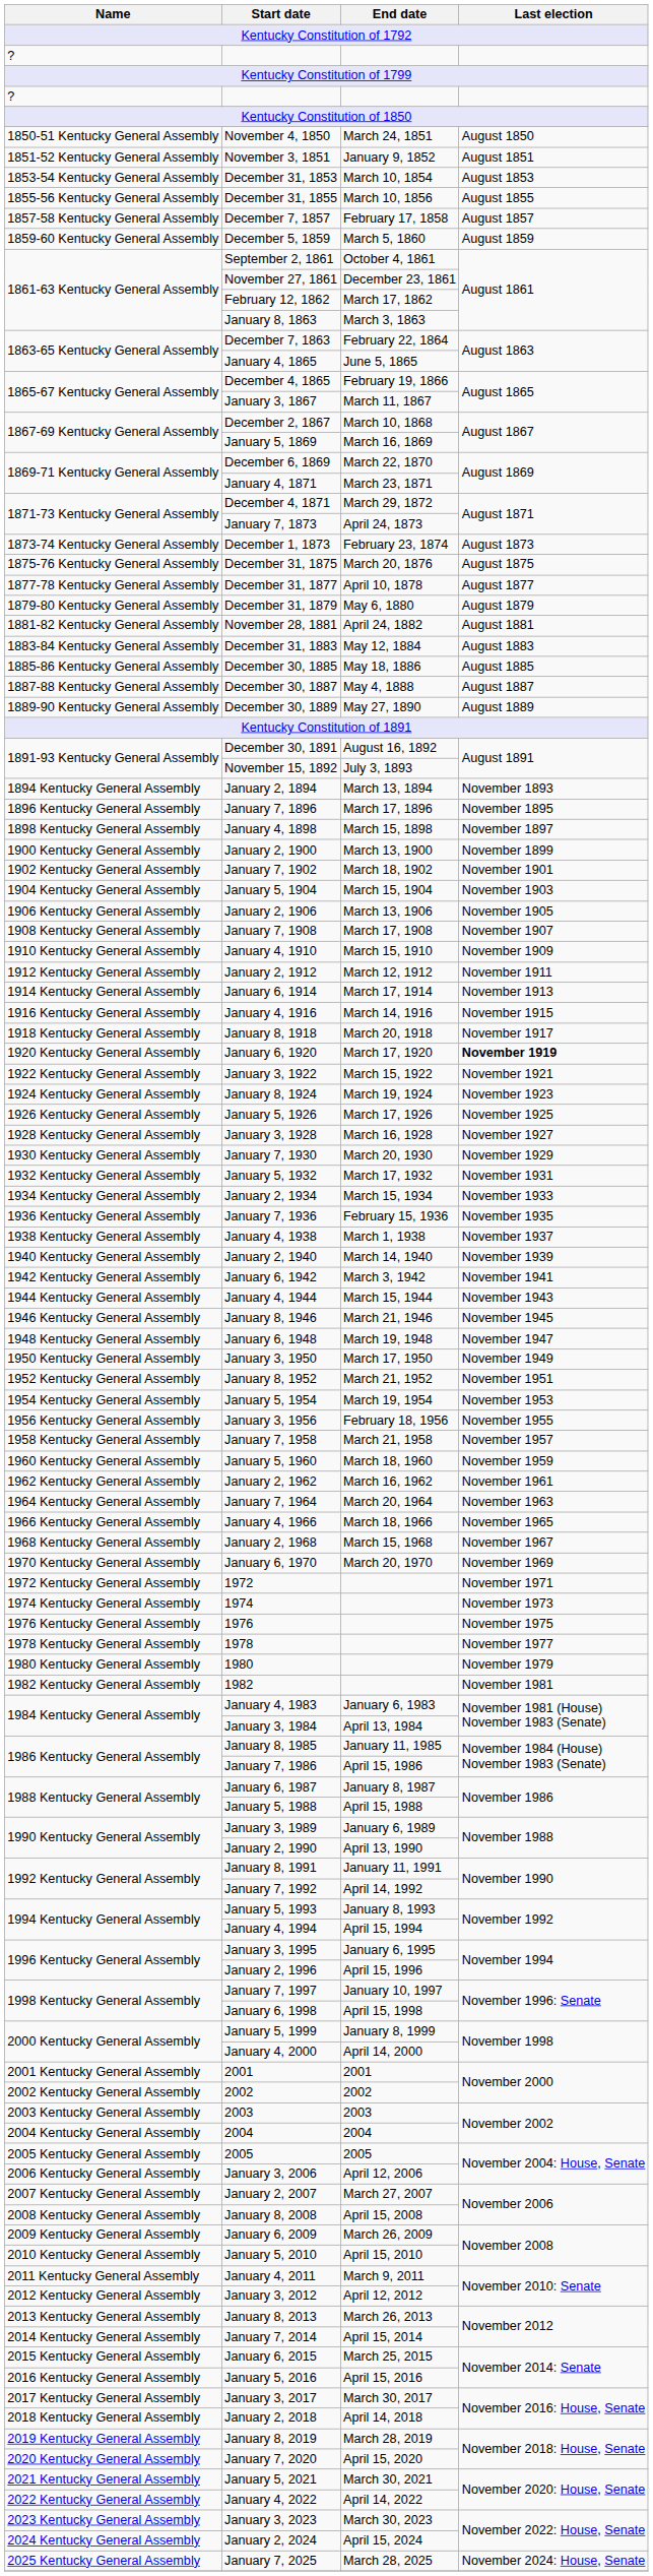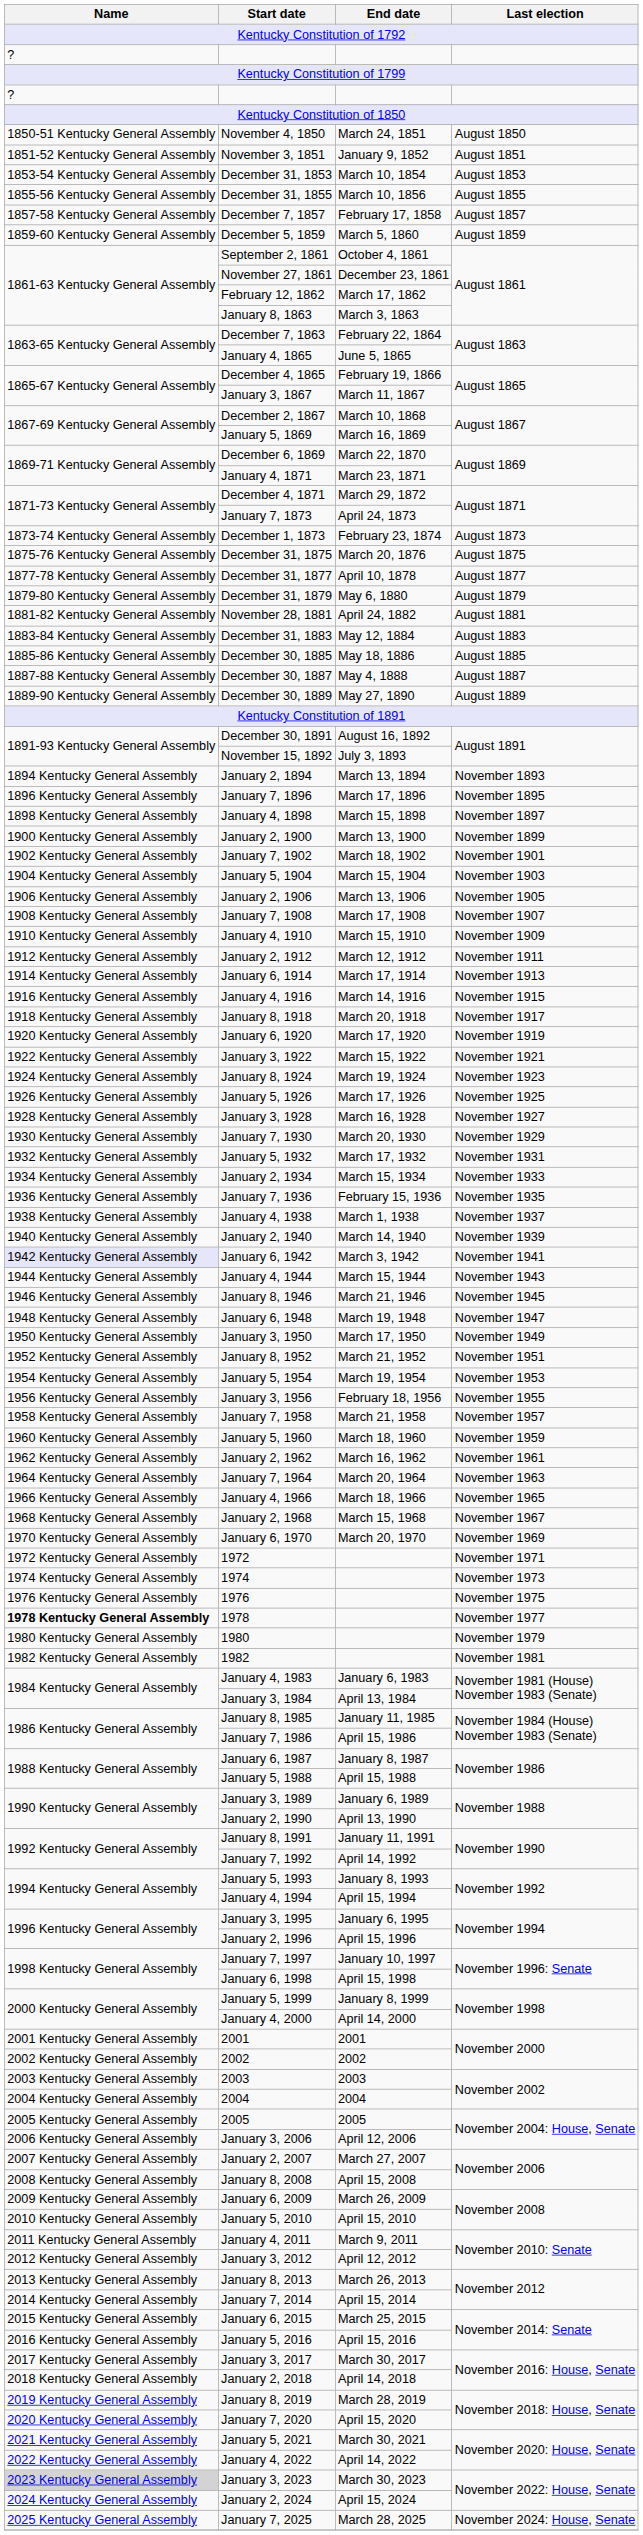 <table class="wikitable mw-datatable sticky-header">
 <tr>
 <th>Name</th>
 <th>Start date</th>
 <th>End date</th>
 <th>Last election</th>
 </tr>
 <tr>
 <td colspan=4 style="text-align: center; background-color:#E6E6FA;"><a href='#'>Kentucky Constitution of 1792</a></td>
 </tr>
 <tr>
 <td>?</td>
 <td></td>
 <td></td>
 <td></td>
 </tr>
 <tr>
 <td colspan=4 style="text-align: center; background-color:#E6E6FA;"><a href='#'>Kentucky Constitution of 1799</a></td>
 </tr>
 <tr>
 <td>?</td>
 <td></td>
 <td></td>
 <td></td>
 </tr>
 <tr>
 <td colspan=4 style="text-align: center; background-color:#E6E6FA;"><a href='#'>Kentucky Constitution of 1850</a></td>
 </tr>
 <tr>
 <td>1850-51 Kentucky General Assembly</td>
 <td>November 4, 1850</td>
 <td>March 24, 1851</td>
 <td>August 1850</td>
 </tr>
 <tr>
 <td>1851-52 Kentucky General Assembly</td>
 <td>November 3, 1851</td>
 <td>January 9, 1852</td>
 <td>August 1851</td>
 </tr>
 <tr>
 <td>1853-54 Kentucky General Assembly</td>
 <td>December 31, 1853</td>
 <td>March 10, 1854</td>
 <td>August 1853</td>
 </tr>
 <tr>
 <td>1855-56 Kentucky General Assembly</td>
 <td>December 31, 1855</td>
 <td>March 10, 1856</td>
 <td>August 1855</td>
 </tr>
 <tr>
 <td>1857-58 Kentucky General Assembly</td>
 <td>December 7, 1857</td>
 <td>February 17, 1858</td>
 <td>August 1857</td>
 </tr>
 <tr>
 <td>1859-60 Kentucky General Assembly</td>
 <td>December 5, 1859</td>
 <td>March 5, 1860</td>
 <td>August 1859</td>
 </tr>
 <tr>
 <td rowspan=4>1861-63 Kentucky General Assembly<br></td>
 <td>September 2, 1861</td>
 <td>October 4, 1861</td>
 <td rowspan=4>August 1861</td>
 </tr>
 <tr>
 <td>November 27, 1861</td>
 <td>December 23, 1861</td>
 </tr>
 <tr>
 <td>February 12, 1862</td>
 <td>March 17, 1862</td>
 </tr>
 <tr>
 <td>January 8, 1863</td>
 <td>March 3, 1863</td>
 </tr>
 <tr>
 <td rowspan=2>1863-65 Kentucky General Assembly<br></td>
 <td>December 7, 1863</td>
 <td>February 22, 1864</td>
 <td rowspan=2>August 1863</td>
 </tr>
 <tr>
 <td>January 4, 1865</td>
 <td>June 5, 1865</td>
 </tr>
 <tr>
 <td rowspan=2>1865-67 Kentucky General Assembly<br></td>
 <td>December 4, 1865</td>
 <td>February 19, 1866</td>
 <td rowspan=2>August 1865</td>
 </tr>
 <tr>
 <td>January 3, 1867</td>
 <td>March 11, 1867</td>
 </tr>
 <tr>
 <td rowspan=2>1867-69 Kentucky General Assembly<br></td>
 <td>December 2, 1867</td>
 <td>March 10, 1868</td>
 <td rowspan=2>August 1867</td>
 </tr>
 <tr>
 <td>January 5, 1869</td>
 <td>March 16, 1869</td>
 </tr>
 <tr>
 <td rowspan=2>1869-71 Kentucky General Assembly<br></td>
 <td>December 6, 1869</td>
 <td>March 22, 1870</td>
 <td rowspan=2>August 1869</td>
 </tr>
 <tr>
 <td>January 4, 1871</td>
 <td>March 23, 1871</td>
 </tr>
 <tr>
 <td rowspan=2>1871-73 Kentucky General Assembly<br></td>
 <td>December 4, 1871</td>
 <td>March 29, 1872</td>
 <td rowspan=2>August 1871</td>
 </tr>
 <tr>
 <td>January 7, 1873</td>
 <td>April 24, 1873</td>
 </tr>
 <tr>
 <td>1873-74 Kentucky General Assembly</td>
 <td>December 1, 1873</td>
 <td>February 23, 1874</td>
 <td>August 1873</td>
 </tr>
 <tr>
 <td>1875-76 Kentucky General Assembly</td>
 <td>December 31, 1875</td>
 <td>March 20, 1876</td>
 <td>August 1875</td>
 </tr>
 <tr>
 <td>1877-78 Kentucky General Assembly</td>
 <td>December 31, 1877</td>
 <td>April 10, 1878</td>
 <td>August 1877</td>
 </tr>
 <tr>
 <td>1879-80 Kentucky General Assembly</td>
 <td>December 31, 1879</td>
 <td>May 6, 1880</td>
 <td>August 1879</td>
 </tr>
 <tr>
 <td>1881-82 Kentucky General Assembly</td>
 <td>November 28, 1881</td>
 <td>April 24, 1882</td>
 <td>August 1881</td>
 </tr>
 <tr>
 <td>1883-84 Kentucky General Assembly</td>
 <td>December 31, 1883</td>
 <td>May 12, 1884</td>
 <td>August 1883</td>
 </tr>
 <tr>
 <td>1885-86 Kentucky General Assembly</td>
 <td>December 30, 1885</td>
 <td>May 18, 1886</td>
 <td>August 1885</td>
 </tr>
 <tr>
 <td>1887-88 Kentucky General Assembly</td>
 <td>December 30, 1887</td>
 <td>May 4, 1888</td>
 <td>August 1887</td>
 </tr>
 <tr>
 <td>1889-90 Kentucky General Assembly</td>
 <td>December 30, 1889</td>
 <td>May 27, 1890</td>
 <td>August 1889</td>
 </tr>
 <tr>
 <td colspan=4 style="text-align: center; background-color:#E6E6FA;"><a href='#'>Kentucky Constitution of 1891</a></td>
 </tr>
 <tr>
 <td rowspan=2>1891-93 Kentucky General Assembly<br></td>
 <td>December 30, 1891</td>
 <td>August 16, 1892</td>
 <td rowspan=2>August 1891</td>
 </tr>
 <tr>
 <td>November 15, 1892</td>
 <td>July 3, 1893</td>
 </tr>
 <tr>
 <td>1894 Kentucky General Assembly</td>
 <td>January 2, 1894</td>
 <td>March 13, 1894</td>
 <td>November 1893</td>
 </tr>
 <tr>
 <td>1896 Kentucky General Assembly</td>
 <td>January 7, 1896</td>
 <td>March 17, 1896</td>
 <td>November 1895</td>
 </tr>
 <tr>
 <td>1898 Kentucky General Assembly</td>
 <td>January 4, 1898</td>
 <td>March 15, 1898</td>
 <td>November 1897</td>
 </tr>
 <tr>
 <td>1900 Kentucky General Assembly</td>
 <td>January 2, 1900</td>
 <td>March 13, 1900</td>
 <td>November 1899</td>
 </tr>
 <tr>
 <td>1902 Kentucky General Assembly</td>
 <td>January 7, 1902</td>
 <td>March 18, 1902</td>
 <td>November 1901</td>
 </tr>
 <tr>
 <td>1904 Kentucky General Assembly</td>
 <td>January 5, 1904</td>
 <td>March 15, 1904</td>
 <td>November 1903</td>
 </tr>
 <tr>
 <td>1906 Kentucky General Assembly</td>
 <td>January 2, 1906</td>
 <td>March 13, 1906</td>
 <td>November 1905</td>
 </tr>
 <tr>
 <td>1908 Kentucky General Assembly</td>
 <td>January 7, 1908</td>
 <td>March 17, 1908</td>
 <td>November 1907</td>
 </tr>
 <tr>
 <td>1910 Kentucky General Assembly</td>
 <td>January 4, 1910</td>
 <td>March 15, 1910</td>
 <td>November 1909</td>
 </tr>
 <tr>
 <td>1912 Kentucky General Assembly</td>
 <td>January 2, 1912</td>
 <td>March 12, 1912</td>
 <td>November 1911</td>
 </tr>
 <tr>
 <td>1914 Kentucky General Assembly</td>
 <td>January 6, 1914</td>
 <td>March 17, 1914</td>
 <td>November 1913</td>
 </tr>
 <tr>
 <td>1916 Kentucky General Assembly</td>
 <td>January 4, 1916</td>
 <td>March 14, 1916</td>
 <td>November 1915</td>
 </tr>
 <tr>
 <td>1918 Kentucky General Assembly</td>
 <td>January 8, 1918</td>
 <td>March 20, 1918</td>
 <td>November 1917</td>
 </tr>
 <tr>
 <td>1920 Kentucky General Assembly</td>
 <td>January 6, 1920</td>
 <td>March 17, 1920</td>
-<td><strong>November 1919</strong></td>
+<td>November 1919</td>
 </tr>
 <tr>
 <td>1922 Kentucky General Assembly</td>
 <td>January 3, 1922</td>
 <td>March 15, 1922</td>
 <td>November 1921</td>
 </tr>
 <tr>
 <td>1924 Kentucky General Assembly</td>
 <td>January 8, 1924</td>
 <td>March 19, 1924</td>
 <td>November 1923</td>
 </tr>
 <tr>
 <td>1926 Kentucky General Assembly</td>
 <td>January 5, 1926</td>
 <td>March 17, 1926</td>
 <td>November 1925</td>
 </tr>
 <tr>
 <td>1928 Kentucky General Assembly</td>
 <td>January 3, 1928</td>
 <td>March 16, 1928</td>
 <td>November 1927</td>
 </tr>
 <tr>
 <td>1930 Kentucky General Assembly</td>
 <td>January 7, 1930</td>
 <td>March 20, 1930</td>
 <td>November 1929</td>
 </tr>
 <tr>
 <td>1932 Kentucky General Assembly</td>
 <td>January 5, 1932</td>
 <td>March 17, 1932</td>
 <td>November 1931</td>
 </tr>
 <tr>
 <td>1934 Kentucky General Assembly</td>
 <td>January 2, 1934</td>
 <td>March 15, 1934</td>
 <td>November 1933</td>
 </tr>
 <tr>
 <td>1936 Kentucky General Assembly</td>
 <td>January 7, 1936</td>
 <td>February 15, 1936</td>
 <td>November 1935</td>
 </tr>
 <tr>
 <td>1938 Kentucky General Assembly</td>
 <td>January 4, 1938</td>
 <td>March 1, 1938</td>
 <td>November 1937</td>
 </tr>
 <tr>
 <td>1940 Kentucky General Assembly</td>
 <td>January 2, 1940</td>
 <td>March 14, 1940</td>
 <td>November 1939</td>
 </tr>
 <tr>
-<td>1942 Kentucky General Assembly</td>
+<td style="background: lavender;">1942 Kentucky General Assembly</td>
 <td>January 6, 1942</td>
 <td>March 3, 1942</td>
 <td>November 1941</td>
 </tr>
 <tr>
 <td>1944 Kentucky General Assembly</td>
 <td>January 4, 1944</td>
 <td>March 15, 1944</td>
 <td>November 1943</td>
 </tr>
 <tr>
 <td>1946 Kentucky General Assembly</td>
 <td>January 8, 1946</td>
 <td>March 21, 1946</td>
 <td>November 1945</td>
 </tr>
 <tr>
 <td>1948 Kentucky General Assembly</td>
 <td>January 6, 1948</td>
 <td>March 19, 1948</td>
 <td>November 1947</td>
 </tr>
 <tr>
 <td>1950 Kentucky General Assembly</td>
 <td>January 3, 1950</td>
 <td>March 17, 1950</td>
 <td>November 1949</td>
 </tr>
 <tr>
 <td>1952 Kentucky General Assembly</td>
 <td>January 8, 1952</td>
 <td>March 21, 1952</td>
 <td>November 1951</td>
 </tr>
 <tr>
 <td>1954 Kentucky General Assembly</td>
 <td>January 5, 1954</td>
 <td>March 19, 1954</td>
 <td>November 1953</td>
 </tr>
 <tr>
 <td>1956 Kentucky General Assembly</td>
 <td>January 3, 1956</td>
 <td>February 18, 1956</td>
 <td>November 1955</td>
 </tr>
 <tr>
 <td>1958 Kentucky General Assembly</td>
 <td>January 7, 1958</td>
 <td>March 21, 1958</td>
 <td>November 1957</td>
 </tr>
 <tr>
 <td>1960 Kentucky General Assembly</td>
 <td>January 5, 1960</td>
 <td>March 18, 1960</td>
 <td>November 1959</td>
 </tr>
 <tr>
 <td>1962 Kentucky General Assembly</td>
 <td>January 2, 1962</td>
 <td>March 16, 1962</td>
 <td>November 1961</td>
 </tr>
 <tr>
 <td>1964 Kentucky General Assembly</td>
 <td>January 7, 1964</td>
 <td>March 20, 1964</td>
 <td>November 1963</td>
 </tr>
 <tr>
 <td>1966 Kentucky General Assembly</td>
 <td>January 4, 1966</td>
 <td>March 18, 1966</td>
 <td>November 1965</td>
 </tr>
 <tr>
 <td>1968 Kentucky General Assembly</td>
 <td>January 2, 1968</td>
 <td>March 15, 1968</td>
 <td>November 1967</td>
 </tr>
 <tr>
 <td>1970 Kentucky General Assembly</td>
 <td>January 6, 1970</td>
 <td>March 20, 1970</td>
 <td>November 1969</td>
 </tr>
 <tr>
 <td>1972 Kentucky General Assembly</td>
 <td>1972</td>
 <td></td>
 <td>November 1971</td>
 </tr>
 <tr>
 <td>1974 Kentucky General Assembly</td>
 <td>1974</td>
 <td></td>
 <td>November 1973</td>
 </tr>
 <tr>
 <td>1976 Kentucky General Assembly</td>
 <td>1976</td>
 <td></td>
 <td>November 1975</td>
 </tr>
 <tr>
-<td>1978 Kentucky General Assembly</td>
+<td><strong>1978 Kentucky General Assembly</strong></td>
 <td>1978</td>
 <td></td>
 <td>November 1977</td>
 </tr>
 <tr>
 <td>1980 Kentucky General Assembly</td>
 <td>1980</td>
 <td></td>
 <td>November 1979</td>
 </tr>
 <tr>
 <td>1982 Kentucky General Assembly</td>
 <td>1982</td>
 <td></td>
 <td>November 1981</td>
 </tr>
 <tr>
 <td rowspan=2>1984 Kentucky General Assembly<br></td>
 <td>January 4, 1983</td>
 <td>January 6, 1983</td>
 <td rowspan=2>November 1981 (House)<br>November 1983 (Senate)</td>
 </tr>
 <tr>
 <td>January 3, 1984</td>
 <td>April 13, 1984</td>
 </tr>
 <tr>
 <td rowspan=2>1986 Kentucky General Assembly<br></td>
 <td>January 8, 1985</td>
 <td>January 11, 1985</td>
 <td rowspan=2>November 1984 (House)<br>November 1983 (Senate)</td>
 </tr>
 <tr>
 <td>January 7, 1986</td>
 <td>April 15, 1986</td>
 </tr>
 <tr>
 <td rowspan=2>1988 Kentucky General Assembly<br></td>
 <td>January 6, 1987</td>
 <td>January 8, 1987</td>
 <td rowspan=2>November 1986</td>
 </tr>
 <tr>
 <td>January 5, 1988</td>
 <td>April 15, 1988</td>
 </tr>
 <tr>
 <td rowspan=2>1990 Kentucky General Assembly<br></td>
 <td>January 3, 1989</td>
 <td>January 6, 1989</td>
 <td rowspan=2>November 1988</td>
 </tr>
 <tr>
 <td>January 2, 1990</td>
 <td>April 13, 1990</td>
 </tr>
 <tr>
 <td rowspan=2>1992 Kentucky General Assembly<br></td>
 <td>January 8, 1991</td>
 <td>January 11, 1991</td>
 <td rowspan=2>November 1990</td>
 </tr>
 <tr>
 <td>January 7, 1992</td>
 <td>April 14, 1992</td>
 </tr>
 <tr>
 <td rowspan=2>1994 Kentucky General Assembly<br></td>
 <td>January 5, 1993</td>
 <td>January 8, 1993</td>
 <td rowspan=2>November 1992</td>
 </tr>
 <tr>
 <td>January 4, 1994</td>
 <td>April 15, 1994</td>
 </tr>
 <tr>
 <td rowspan=2>1996 Kentucky General Assembly<br></td>
 <td>January 3, 1995</td>
 <td>January 6, 1995</td>
 <td rowspan=2>November 1994</td>
 </tr>
 <tr>
 <td>January 2, 1996</td>
 <td>April 15, 1996</td>
 </tr>
 <tr>
 <td rowspan=2>1998 Kentucky General Assembly<br></td>
 <td>January 7, 1997</td>
 <td>January 10, 1997</td>
 <td rowspan=2>November 1996: <a href='#'>Senate</a></td>
 </tr>
 <tr>
 <td>January 6, 1998</td>
 <td>April 15, 1998</td>
 </tr>
 <tr>
 <td rowspan=2>2000 Kentucky General Assembly<br></td>
 <td>January 5, 1999</td>
 <td>January 8, 1999</td>
 <td rowspan=2>November 1998</td>
 </tr>
 <tr>
 <td>January 4, 2000</td>
 <td>April 14, 2000</td>
 </tr>
 <tr>
 <td>2001 Kentucky General Assembly</td>
 <td>2001</td>
 <td>2001</td>
 <td rowspan=2>November 2000</td>
 </tr>
 <tr>
 <td>2002 Kentucky General Assembly</td>
 <td>2002</td>
 <td>2002</td>
 </tr>
 <tr>
 <td>2003 Kentucky General Assembly</td>
 <td>2003</td>
 <td>2003</td>
 <td rowspan=2>November 2002</td>
 </tr>
 <tr>
 <td>2004 Kentucky General Assembly</td>
 <td>2004</td>
 <td>2004</td>
 </tr>
 <tr>
 <td>2005 Kentucky General Assembly</td>
 <td>2005</td>
 <td>2005</td>
 <td rowspan=2>November 2004: <a href='#'>House</a>, <a href='#'>Senate</a></td>
 </tr>
 <tr>
 <td>2006 Kentucky General Assembly</td>
 <td>January 3, 2006</td>
 <td>April 12, 2006</td>
 </tr>
 <tr>
 <td>2007 Kentucky General Assembly</td>
 <td>January 2, 2007</td>
 <td>March 27, 2007</td>
 <td rowspan=2>November 2006</td>
 </tr>
 <tr>
 <td>2008 Kentucky General Assembly</td>
 <td>January 8, 2008</td>
 <td>April 15, 2008</td>
 </tr>
 <tr>
 <td>2009 Kentucky General Assembly</td>
 <td>January 6, 2009</td>
 <td>March 26, 2009</td>
 <td rowspan=2>November 2008</td>
 </tr>
 <tr>
 <td>2010 Kentucky General Assembly</td>
 <td>January 5, 2010</td>
 <td>April 15, 2010</td>
 </tr>
 <tr>
 <td>2011 Kentucky General Assembly</td>
 <td>January 4, 2011</td>
 <td>March 9, 2011</td>
 <td rowspan=2>November 2010: <a href='#'>Senate</a></td>
 </tr>
 <tr>
 <td>2012 Kentucky General Assembly</td>
 <td>January 3, 2012</td>
 <td>April 12, 2012</td>
 </tr>
 <tr>
 <td>2013 Kentucky General Assembly</td>
 <td>January 8, 2013</td>
 <td>March 26, 2013</td>
 <td rowspan=2>November 2012</td>
 </tr>
 <tr>
 <td>2014 Kentucky General Assembly</td>
 <td>January 7, 2014</td>
 <td>April 15, 2014</td>
 </tr>
 <tr>
 <td>2015 Kentucky General Assembly</td>
 <td>January 6, 2015</td>
 <td>March 25, 2015</td>
 <td rowspan=2>November 2014: <a href='#'>Senate</a></td>
 </tr>
 <tr>
 <td>2016 Kentucky General Assembly</td>
 <td>January 5, 2016</td>
 <td>April 15, 2016</td>
 </tr>
 <tr>
 <td>2017 Kentucky General Assembly</td>
 <td>January 3, 2017</td>
 <td>March 30, 2017</td>
 <td rowspan=2>November 2016: <a href='#'>House</a>, <a href='#'>Senate</a></td>
 </tr>
 <tr>
 <td>2018 Kentucky General Assembly</td>
 <td>January 2, 2018</td>
 <td>April 14, 2018</td>
 </tr>
 <tr>
 <td><a href='#'>2019 Kentucky General Assembly</a></td>
 <td>January 8, 2019</td>
 <td>March 28, 2019</td>
 <td rowspan=2>November 2018: <a href='#'>House</a>, <a href='#'>Senate</a></td>
 </tr>
 <tr>
 <td><a href='#'>2020 Kentucky General Assembly</a></td>
 <td>January 7, 2020</td>
 <td>April 15, 2020</td>
 </tr>
 <tr>
 <td><a href='#'>2021 Kentucky General Assembly</a></td>
 <td>January 5, 2021</td>
 <td>March 30, 2021</td>
 <td rowspan=2>November 2020: <a href='#'>House</a>, <a href='#'>Senate</a></td>
 </tr>
 <tr>
 <td><a href='#'>2022 Kentucky General Assembly</a></td>
 <td>January 4, 2022</td>
 <td>April 14, 2022</td>
 </tr>
 <tr>
-<td><a href='#'>2023 Kentucky General Assembly</a></td>
+<td style="background: lightgrey;"><a href='#'>2023 Kentucky General Assembly</a></td>
 <td>January 3, 2023</td>
 <td>March 30, 2023</td>
 <td rowspan=2>November 2022: <a href='#'>House</a>, <a href='#'>Senate</a></td>
 </tr>
 <tr>
 <td><a href='#'>2024 Kentucky General Assembly</a></td>
 <td>January 2, 2024</td>
 <td>April 15, 2024</td>
 </tr>
 <tr>
 <td><a href='#'>2025 Kentucky General Assembly</a></td>
 <td>January 7, 2025</td>
 <td>March 28, 2025</td>
 <td>November 2024: <a href='#'>House</a>, <a href='#'>Senate</a></td>
 </tr>
 <tr>
 </tr>
 </table>
